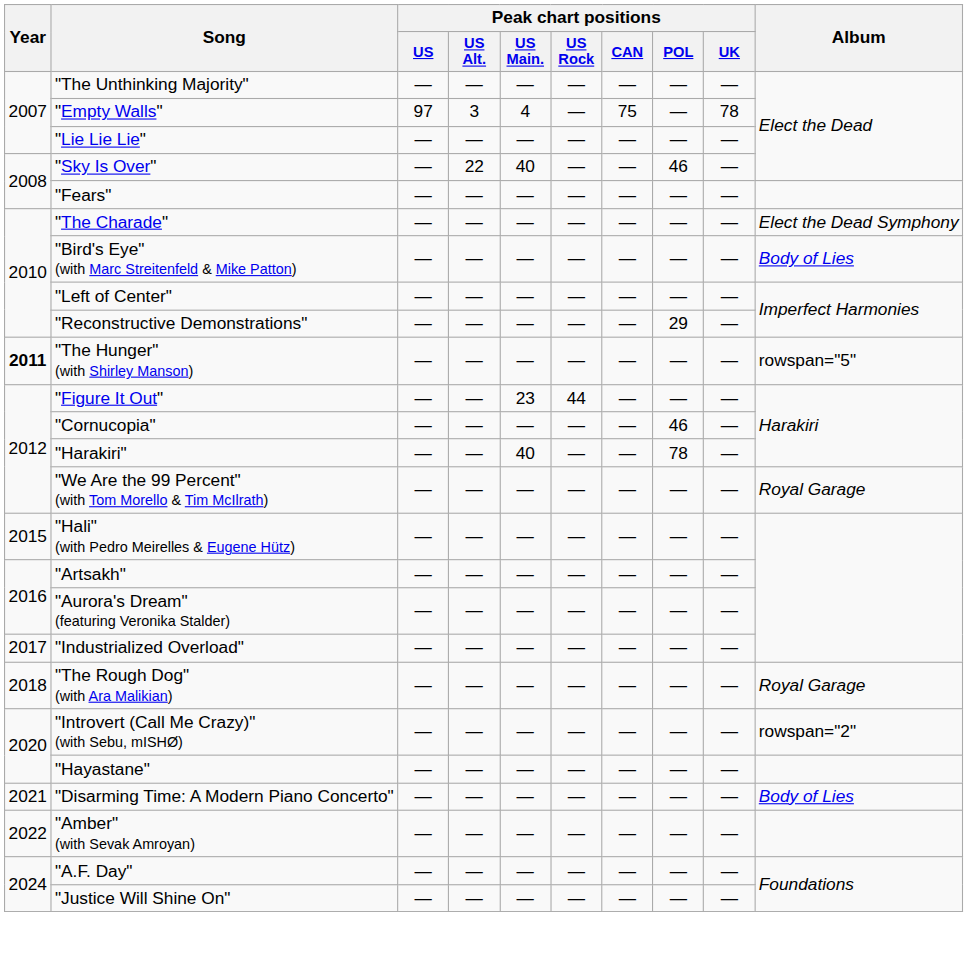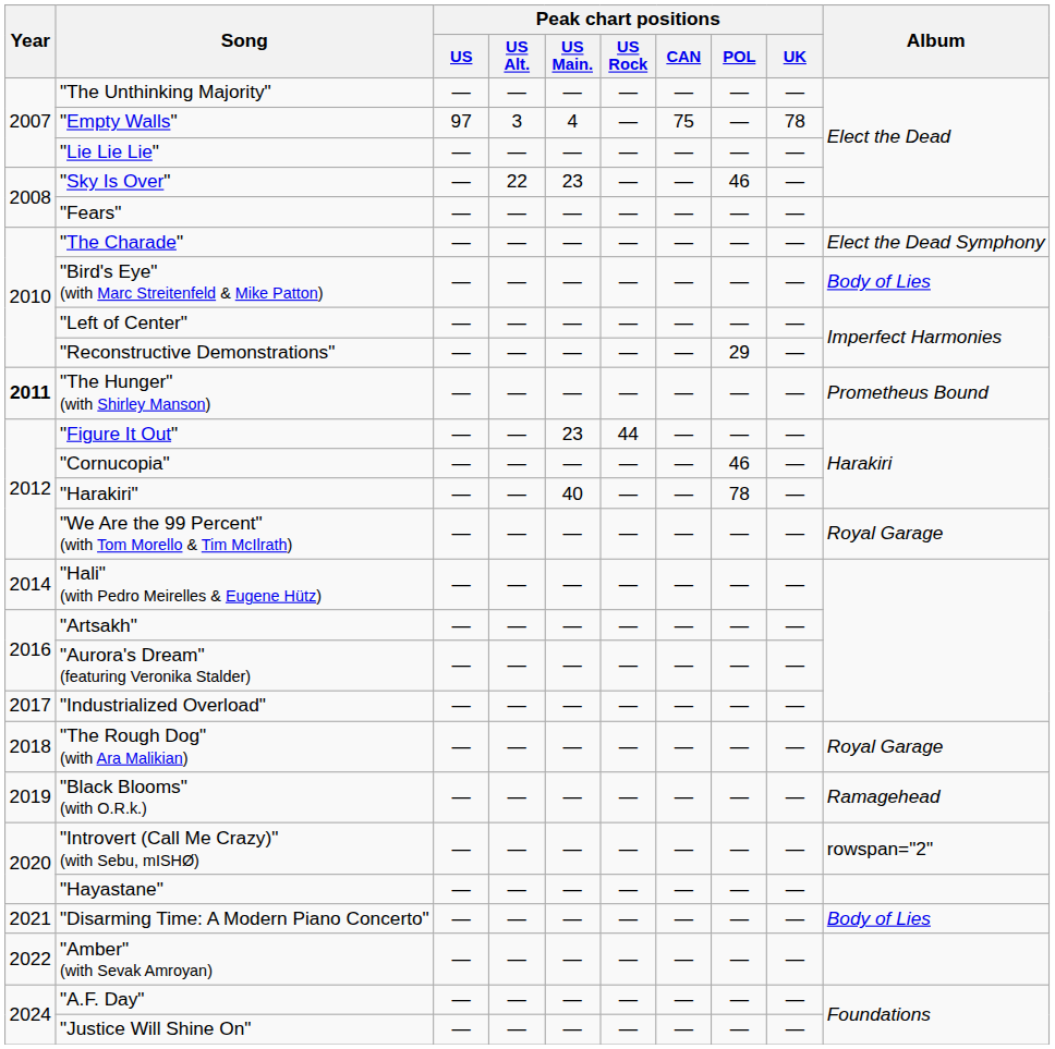 <table class="wikitable">
 <tr>
 <th rowspan="2">Year</th>
 <th rowspan="2">Song</th>
 <th colspan="7">Peak chart positions</th>
 <th rowspan="2">Album</th>
 </tr>
 <tr>
 <th style="width:3em;font-size:85%"><a href='#'>US</a><br></th>
 <th style="width:3em;font-size:85%"><a href='#'>US<br>Alt.</a><br></th>
 <th style="width:3em;font-size:85%"><a href='#'>US<br>Main.</a><br></th>
 <th style="width:3em;font-size:85%"><a href='#'>US<br>Rock</a></th>
 <th style="width:3em;font-size:85%"><a href='#'>CAN</a><br></th>
 <th style="width:3em;font-size:85%"><a href='#'>POL</a></th>
 <th style="width:3em;font-size:85%"><a href='#'>UK</a><br></th>
 </tr>
 <tr>
 <td align="center" rowspan="3">2007</td>
 <td>"The Unthinking Majority"</td>
 <td align="center">—</td>
 <td align="center">—</td>
 <td align="center">—</td>
 <td align="center">—</td>
 <td align="center">—</td>
 <td align="center">—</td>
 <td align="center">—</td>
 <td rowspan="4"><em>Elect the Dead</em></td>
 </tr>
 <tr>
 <td>"<a href='#'>Empty Walls</a>"</td>
 <td align="center">97</td>
 <td align="center">3</td>
 <td align="center">4</td>
 <td align="center">—</td>
 <td align="center">75</td>
 <td align="center">—</td>
 <td align="center">78</td>
 </tr>
 <tr>
 <td>"<a href='#'>Lie Lie Lie</a>"</td>
 <td align="center">—</td>
 <td align="center">—</td>
 <td align="center">—</td>
 <td align="center">—</td>
 <td align="center">—</td>
 <td align="center">—</td>
 <td align="center">—</td>
 </tr>
 <tr>
 <td align="center" rowspan="2">2008</td>
 <td>"<a href='#'>Sky Is Over</a>"</td>
 <td align="center">—</td>
 <td align="center">22</td>
-<td align="center">40</td>
+<td align="center">23</td>
 <td align="center">—</td>
 <td align="center">—</td>
 <td align="center">46</td>
 <td align="center">—</td>
 </tr>
 <tr>
 <td>"Fears"</td>
 <td align="center">—</td>
 <td align="center">—</td>
 <td align="center">—</td>
 <td align="center">—</td>
 <td align="center">—</td>
 <td align="center">—</td>
 <td align="center">—</td>
 <td></td>
 </tr>
 <tr>
 <td align="center" rowspan="4">2010</td>
 <td>"<a href='#'>The Charade</a>"</td>
 <td align="center">—</td>
 <td align="center">—</td>
 <td align="center">—</td>
 <td align="center">—</td>
 <td align="center">—</td>
 <td align="center">—</td>
 <td align="center">—</td>
 <td><em>Elect the Dead Symphony</em></td>
 </tr>
 <tr>
 <td>"Bird's Eye"<br><small>(with <a href='#'>Marc Streitenfeld</a> & <a href='#'>Mike Patton</a>)</small></td>
 <td align="center">—</td>
 <td align="center">—</td>
 <td align="center">—</td>
 <td align="center">—</td>
 <td align="center">—</td>
 <td align="center">—</td>
 <td align="center">—</td>
 <td><em><a href='#'>Body of Lies</a></em></td>
 </tr>
 <tr>
 <td>"Left of Center"</td>
 <td align="center">—</td>
 <td align="center">—</td>
 <td align="center">—</td>
 <td align="center">—</td>
 <td align="center">—</td>
 <td align="center">—</td>
 <td align="center">—</td>
 <td rowspan="2"><em>Imperfect Harmonies</em></td>
 </tr>
 <tr>
 <td>"Reconstructive Demonstrations"</td>
 <td align="center">—</td>
 <td align="center">—</td>
 <td align="center">—</td>
 <td align="center">—</td>
 <td align="center">—</td>
 <td align="center">29</td>
 <td align="center">—</td>
 </tr>
 <tr>
 <td align="center"><strong>2011</strong></td>
 <td>"The Hunger"<br><small>(with <a href='#'>Shirley Manson</a>)</small></td>
 <td align="center">—</td>
 <td align="center">—</td>
 <td align="center">—</td>
 <td align="center">—</td>
 <td align="center">—</td>
 <td align="center">—</td>
 <td align="center">—</td>
-<td>rowspan="5" </td>
+<td><em>Prometheus Bound</em></td>
 </tr>
 <tr>
 <td align="center" rowspan="4">2012</td>
 <td>"<a href='#'>Figure It Out</a>"</td>
 <td align="center">—</td>
 <td align="center">—</td>
 <td align="center">23</td>
 <td align="center">44</td>
 <td align="center">—</td>
 <td align="center">—</td>
 <td align="center">—</td>
 <td rowspan="3"><em>Harakiri</em></td>
 </tr>
 <tr>
 <td>"Cornucopia"</td>
 <td align="center">—</td>
 <td align="center">—</td>
 <td align="center">—</td>
 <td align="center">—</td>
 <td align="center">—</td>
 <td align="center">46</td>
 <td align="center">—</td>
 </tr>
 <tr>
 <td>"Harakiri"</td>
 <td align="center">—</td>
 <td align="center">—</td>
 <td align="center">40</td>
 <td align="center">—</td>
 <td align="center">—</td>
 <td align="center">78</td>
 <td align="center">—</td>
 </tr>
 <tr>
 <td>"We Are the 99 Percent"<br><small>(with <a href='#'>Tom Morello</a> & <a href='#'>Tim McIlrath</a>)</small></td>
 <td align="center">—</td>
 <td align="center">—</td>
 <td align="center">—</td>
 <td align="center">—</td>
 <td align="center">—</td>
 <td align="center">—</td>
 <td align="center">—</td>
 <td><em>Royal Garage</em></td>
 </tr>
 <tr>
-<td align="center">2015</td>
+<td align="center">2014</td>
 <td>"Hali"<br><small>(with Pedro Meirelles & <a href='#'>Eugene Hütz</a>)</small></td>
 <td align="center">—</td>
 <td align="center">—</td>
 <td align="center">—</td>
 <td align="center">—</td>
 <td align="center">—</td>
 <td align="center">—</td>
 <td align="center">—</td>
 </tr>
 <tr>
 <td rowspan="2">2016</td>
 <td>"Artsakh"</td>
 <td align="center">—</td>
 <td align="center">—</td>
 <td align="center">—</td>
 <td align="center">—</td>
 <td align="center">—</td>
 <td align="center">—</td>
 <td align="center">—</td>
 </tr>
 <tr>
 <td>"Aurora's Dream"<br><small>(featuring Veronika Stalder)</small></td>
 <td align="center">—</td>
 <td align="center">—</td>
 <td align="center">—</td>
 <td align="center">—</td>
 <td align="center">—</td>
 <td align="center">—</td>
 <td align="center">—</td>
 </tr>
 <tr>
 <td align="center">2017</td>
 <td>"Industrialized Overload"</td>
 <td align="center">—</td>
 <td align="center">—</td>
 <td align="center">—</td>
 <td align="center">—</td>
 <td align="center">—</td>
 <td align="center">—</td>
 <td align="center">—</td>
 </tr>
 <tr>
 <td align="center">2018</td>
 <td>"The Rough Dog"<br><small>(with <a href='#'>Ara Malikian</a>)</small></td>
 <td align="center">—</td>
 <td align="center">—</td>
 <td align="center">—</td>
 <td align="center">—</td>
 <td align="center">—</td>
 <td align="center">—</td>
 <td align="center">—</td>
 <td><em>Royal Garage</em></td>
+</tr>
+<tr>
+<td align="center">2019</td>
+<td>"Black Blooms"<br><small>(with O.R.k.)</small></td>
+<td align="center">—</td>
+<td align="center">—</td>
+<td align="center">—</td>
+<td align="center">—</td>
+<td align="center">—</td>
+<td align="center">—</td>
+<td align="center">—</td>
+<td><em>Ramagehead</em></td>
 </tr>
 <tr>
 <td align="center" rowspan="2">2020</td>
 <td>"Introvert (Call Me Crazy)"<br><small>(with Sebu, mISHØ)</small></td>
 <td align="center">—</td>
 <td align="center">—</td>
 <td align="center">—</td>
 <td align="center">—</td>
 <td align="center">—</td>
 <td align="center">—</td>
 <td align="center">—</td>
 <td>rowspan="2" </td>
 </tr>
 <tr>
 <td>"Hayastane"</td>
 <td align="center">—</td>
 <td align="center">—</td>
 <td align="center">—</td>
 <td align="center">—</td>
 <td align="center">—</td>
 <td align="center">—</td>
 <td align="center">—</td>
 </tr>
 <tr>
 <td align="center">2021</td>
 <td>"Disarming Time: A Modern Piano Concerto"</td>
 <td align="center">—</td>
 <td align="center">—</td>
 <td align="center">—</td>
 <td align="center">—</td>
 <td align="center">—</td>
 <td align="center">—</td>
 <td align="center">—</td>
 <td><em><a href='#'>Body of Lies</a></em></td>
 </tr>
 <tr>
 <td align="center">2022</td>
 <td>"Amber"<br><small>(with Sevak Amroyan)</small></td>
 <td align="center">—</td>
 <td align="center">—</td>
 <td align="center">—</td>
 <td align="center">—</td>
 <td align="center">—</td>
 <td align="center">—</td>
 <td align="center">—</td>
 <td></td>
 </tr>
 <tr>
 <td align="center" rowspan="2">2024</td>
 <td>"A.F. Day"</td>
 <td align="center">—</td>
 <td align="center">—</td>
 <td align="center">—</td>
 <td align="center">—</td>
 <td align="center">—</td>
 <td align="center">—</td>
 <td align="center">—</td>
 <td rowspan="2"><em>Foundations</em></td>
 </tr>
 <tr>
 <td>"Justice Will Shine On"</td>
 <td align="center">—</td>
 <td align="center">—</td>
 <td align="center">—</td>
 <td align="center">—</td>
 <td align="center">—</td>
 <td align="center">—</td>
 <td align="center">—</td>
 </tr>
 <tr>
 </tr>
 </table>
